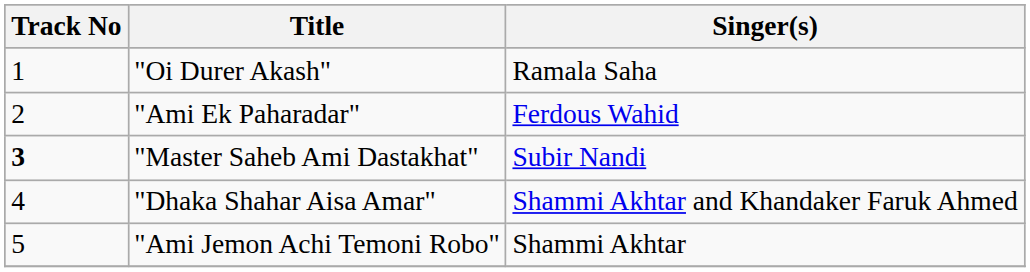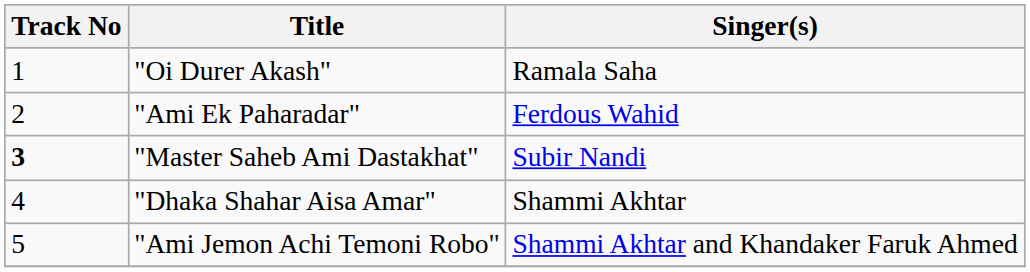 <table class="wikitable">
 <tr>
 <th>Track No</th>
 <th>Title</th>
 <th>Singer(s)</th>
 </tr>
 <tr>
 <td>1</td>
 <td>"Oi Durer Akash"</td>
 <td>Ramala Saha</td>
 </tr>
 <tr>
 <td>2</td>
 <td>"Ami Ek Paharadar"</td>
 <td><a href='#'>Ferdous Wahid</a></td>
 </tr>
 <tr>
 <td><strong>3</strong></td>
 <td>"Master Saheb Ami Dastakhat"</td>
 <td><a href='#'>Subir Nandi</a></td>
 </tr>
 <tr>
 <td>4</td>
 <td>"Dhaka Shahar Aisa Amar"</td>
-<td><a href='#'>Shammi Akhtar</a> and Khandaker Faruk Ahmed</td>
+<td>Shammi Akhtar</td>
 </tr>
 <tr>
 <td>5</td>
 <td>"Ami Jemon Achi Temoni Robo"</td>
-<td>Shammi Akhtar</td>
+<td><a href='#'>Shammi Akhtar</a> and Khandaker Faruk Ahmed</td>
 </tr>
 <tr>
 </tr>
 </table>
